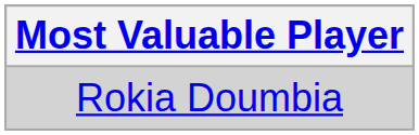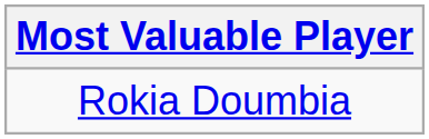 <table class=wikitable style="text-align:center; margin:auto">
 <tr>
 <th><a href='#'>Most Valuable Player</a></th>
 </tr>
 <tr>
-<td style="background: lightgrey;"> <a href='#'>Rokia Doumbia</a></td>
+<td> <a href='#'>Rokia Doumbia</a></td>
 </tr>
 </table>
